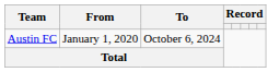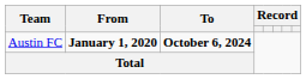 <table class=wikitable style=text-align:center>
 <tr>
 <th rowspan="2">Team</th>
 <th rowspan="2">From</th>
 <th rowspan="2">To</th>
 <th colspan="5">Record</th>
 </tr>
 <tr>
 <th></th>
 <th></th>
 <th></th>
 <th></th>
 <th></th>
 </tr>
 <tr>
 <td align=left><a href='#'>Austin FC</a></td>
-<td align=left>January 1, 2020</td>
-<td align=left>October 6, 2024<br></td>
+<td align=left><strong>January 1, 2020</strong></td>
+<td align=left><strong>October 6, 2024<br></strong></td>
 </tr>
 <tr>
 <th colspan="3">Total<br></th>
 </tr>
 </table>
